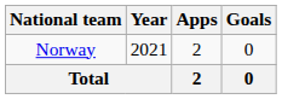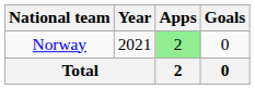 <table class="wikitable" style="text-align:center">
 <tr>
 <th>National team</th>
 <th>Year</th>
 <th>Apps</th>
 <th>Goals</th>
 </tr>
 <tr>
 <td><a href='#'>Norway</a></td>
 <td>2021</td>
-<td>2</td>
+<td style="background: lightgreen;">2</td>
 <td>0</td>
 </tr>
 <tr>
 <th colspan="2">Total</th>
 <th>2</th>
 <th>0</th>
 </tr>
 </table>
